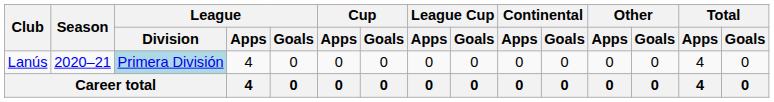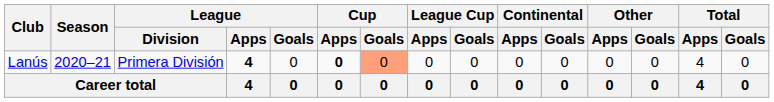 <table class="wikitable" style="text-align:center">
 <tr>
 <th rowspan="2">Club</th>
 <th rowspan="2">Season</th>
 <th colspan="3">League</th>
 <th colspan="2">Cup</th>
 <th colspan="2">League Cup</th>
 <th colspan="2">Continental</th>
 <th colspan="2">Other</th>
 <th colspan="2">Total</th>
 </tr>
 <tr>
 <th>Division</th>
 <th>Apps</th>
 <th>Goals</th>
 <th>Apps</th>
 <th>Goals</th>
 <th>Apps</th>
 <th>Goals</th>
 <th>Apps</th>
 <th>Goals</th>
 <th>Apps</th>
 <th>Goals</th>
 <th>Apps</th>
 <th>Goals</th>
 </tr>
 <tr>
 <td rowspan="1"><a href='#'>Lanús</a></td>
 <td><a href='#'>2020–21</a></td>
-<td rowspan="1" style="background: lightblue;"><a href='#'>Primera División</a></td>
-<td>4</td>
+<td rowspan="1"><a href='#'>Primera División</a></td>
+<td><strong>4</strong></td>
 <td>0</td>
-<td>0</td>
-<td>0</td>
+<td><strong>0</strong></td>
+<td style="background: lightsalmon;">0</td>
 <td>0</td>
 <td>0</td>
 <td>0</td>
 <td>0</td>
 <td>0</td>
 <td>0</td>
 <td>4</td>
 <td>0</td>
 </tr>
 <tr>
 <th colspan="3">Career total</th>
 <th>4</th>
 <th>0</th>
 <th>0</th>
 <th>0</th>
 <th>0</th>
 <th>0</th>
 <th>0</th>
 <th>0</th>
 <th>0</th>
 <th>0</th>
 <th>4</th>
 <th>0</th>
 </tr>
 </table>
